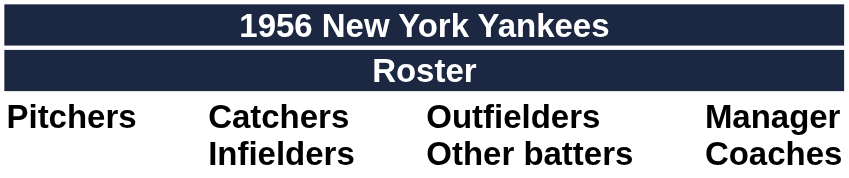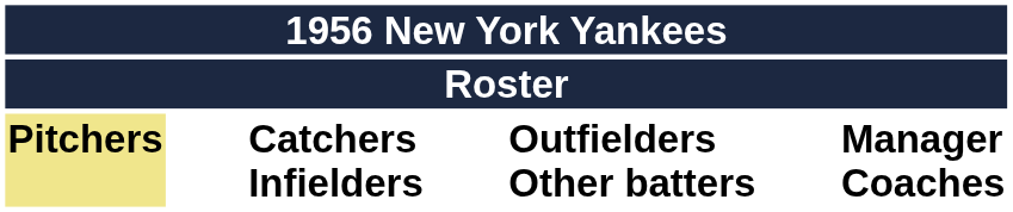 <table class="toccolours" style="font-size: 95%;">
 <tr>
 <th colspan="10" style="background-color: #1c2841; color: white; text-align: center;">1956 New York Yankees</th>
 </tr>
 <tr>
 <td colspan="10" style="background-color: #1c2841; color: white; text-align: center;"><strong>Roster</strong></td>
 </tr>
 <tr>
-<td valign="top"><strong>Pitchers</strong><br>              </td>
+<td valign="top" style="background: khaki;"><strong>Pitchers</strong><br>              </td>
 <td width="25px"></td>
 <td valign="top"><strong>Catchers</strong><br>  <strong>Infielders</strong>           </td>
 <td width="25px"></td>
 <td valign="top"><strong>Outfielders</strong><br>         <strong>Other batters</strong> </td>
 <td width="25px"></td>
 <td valign="top"><strong>Manager</strong><br> <strong>Coaches</strong>   </td>
 </tr>
 </table>
